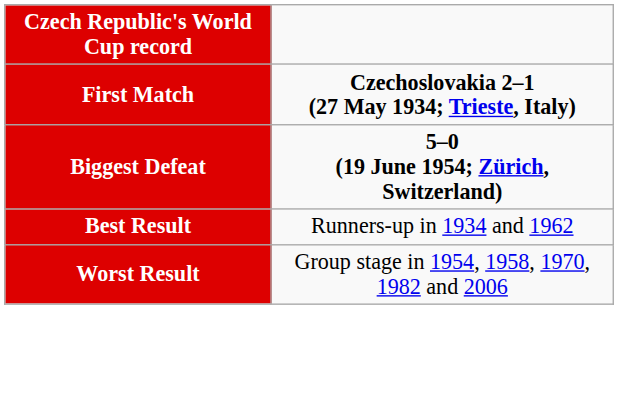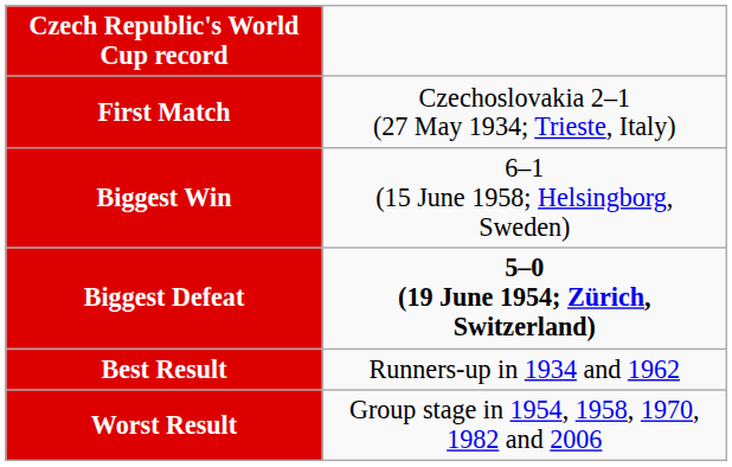 <table class="wikitable collapsible collapsed" style="width:50%;text-align:center">
 <tr>
 <th style="background:#DD0000; color:white; "><strong>Czech Republic's World Cup record</strong></th>
 </tr>
 <tr>
 <th style="background:#DD0000; color:white; ">First Match</th>
-<td><strong> Czechoslovakia 2–1 <br> (27 May 1934; <a href='#'>Trieste</a>, Italy)</strong></td>
+<td> Czechoslovakia 2–1 <br> (27 May 1934; <a href='#'>Trieste</a>, Italy)</td>
+</tr>
+<tr>
+<th style="background:#DD0000; color:white; ">Biggest Win</th>
+<td> 6–1 <br> (15 June 1958; <a href='#'>Helsingborg</a>, Sweden)</td>
 </tr>
 <tr>
 <th style="background:#DD0000; color:white; ">Biggest Defeat</th>
 <td><strong> 5–0 <br> (19 June 1954; <a href='#'>Zürich</a>, Switzerland)</strong></td>
 </tr>
 <tr>
 <th style="background:#DD0000; color:white; ">Best Result</th>
 <td>Runners-up in <a href='#'>1934</a> and <a href='#'>1962</a></td>
 </tr>
 <tr>
 <th style="background:#DD0000; color:white; ">Worst Result</th>
 <td>Group stage in <a href='#'>1954</a>, <a href='#'>1958</a>, <a href='#'>1970</a>, <a href='#'>1982</a> and <a href='#'>2006</a></td>
 </tr>
 </table>
